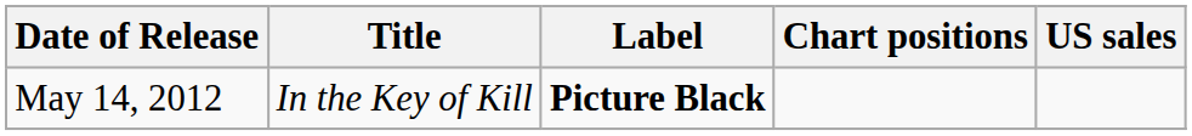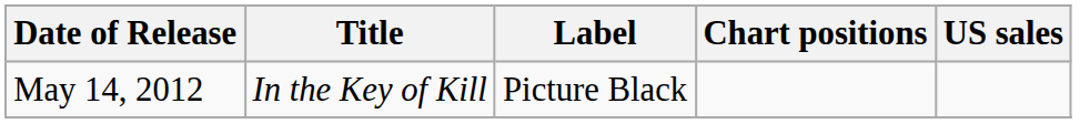 <table class="wikitable" style="font-size: 95%;">
 <tr>
 <th>Date of Release</th>
 <th>Title</th>
 <th>Label</th>
 <th>Chart positions</th>
 <th>US sales</th>
 </tr>
 <tr>
 <td>May 14, 2012</td>
 <td><em>In the Key of Kill</em></td>
-<td><strong>Picture Black</strong></td>
+<td>Picture Black</td>
 <td></td>
 <td></td>
 </tr>
 <tr>
 </tr>
 </table>
